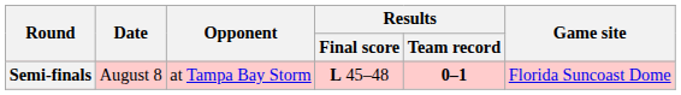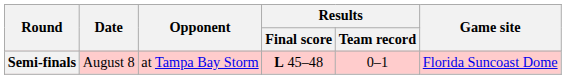 <table class="wikitable" style="font-size: 92%;" "align=center">
 <tr>
 <th rowspan="2">Round</th>
 <th rowspan="2">Date</th>
 <th rowspan="2">Opponent</th>
 <th colspan="2">Results</th>
 <th rowspan="2">Game site</th>
 </tr>
 <tr>
 <th>Final score</th>
 <th>Team record</th>
 </tr>
 <tr style="background:#fcc">
 <th>Semi-finals</th>
 <td style="text-align:center;">August 8</td>
 <td style="text-align:center;">at <a href='#'>Tampa Bay Storm</a></td>
 <td style="text-align:center;"><strong>L</strong> 45–48</td>
-<td style="text-align:center;"><strong>0–1</strong></td>
+<td style="text-align:center;">0–1</td>
 <td style="text-align:center;"><a href='#'>Florida Suncoast Dome</a></td>
 </tr>
 </table>
